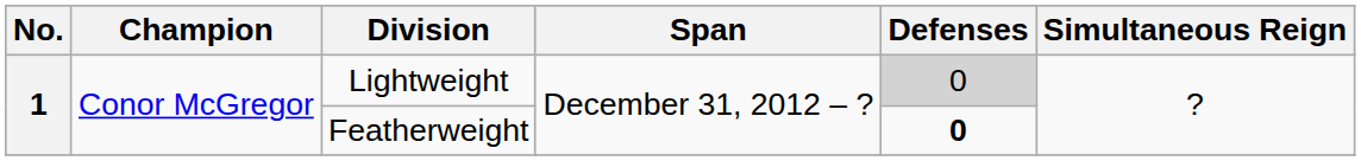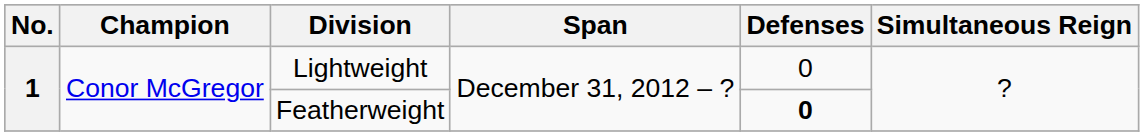 <table class="wikitable">
 <tr>
 <th>No.</th>
 <th>Champion</th>
 <th>Division</th>
 <th>Span</th>
 <th>Defenses</th>
 <th>Simultaneous Reign</th>
 </tr>
 <tr>
 <th rowspan=2>1</th>
 <td align=left rowspan=2> <a href='#'>Conor McGregor</a></td>
 <td align=center rowspan=1>Lightweight</td>
 <td align=center rowspan=2>December 31, 2012 – ?</td>
-<td align=center style="background: lightgrey;">0</td>
+<td align=center>0</td>
 <td align=center rowspan=2>?</td>
 </tr>
 <tr>
 <td align=center rowspan=2>Featherweight</td>
 <td align=center><strong>0</strong></td>
 </tr>
 </table>
